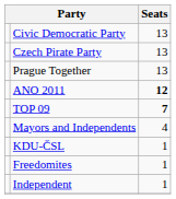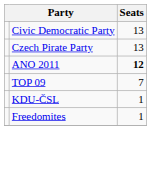 <table class=wikitable style=text-align:right>
 <tr>
 <th colspan=2>Party</th>
 <th>Seats</th>
 </tr>
 <tr>
 <td Style="background:"></td>
 <td align=left><a href='#'>Civic Democratic Party</a></td>
 <td>13</td>
 </tr>
 <tr>
 <td Style="background:"></td>
 <td align=left><a href='#'>Czech Pirate Party</a></td>
 <td>13</td>
 </tr>
 <tr>
 <td Style="background:"></td>
-<td align=left>Prague Together</td>
-<td>13</td>
-</tr>
-<tr>
-<td Style="background:"></td>
 <td align=left><a href='#'>ANO 2011</a></td>
 <td><strong>12</strong></td>
 </tr>
 <tr>
 <td Style="background:"></td>
 <td align=left><a href='#'>TOP 09</a></td>
-<td><strong>7</strong></td>
-</tr>
-<tr>
-<td Style="background:"></td>
-<td align=left><a href='#'>Mayors and Independents</a></td>
-<td>4</td>
+<td>7</td>
 </tr>
 <tr>
 <td Style="background:"></td>
 <td align=left><a href='#'>KDU-ČSL</a></td>
 <td>1</td>
 </tr>
 <tr>
 <td Style="background:"></td>
 <td align=left><a href='#'>Freedomites</a></td>
 <td>1</td>
 </tr>
 <tr>
-<td Style="background:"></td>
-<td align=left><a href='#'>Independent</a></td>
-<td>1</td>
-</tr>
-<tr>
 </tr>
 </table>
